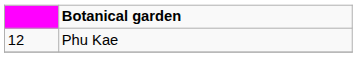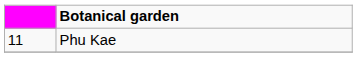 <table class= "wikitable" style= "width:30%; display:inline-table;">
 <tr>
 <td style="background:#FF00FF;"> </td>
 <td><strong>Botanical garden</strong></td>
 </tr>
 <tr>
-<td>12</td>
+<td>11</td>
 <td>Phu Kae</td>
 </tr>
 <tr>
 </tr>
 </table>
